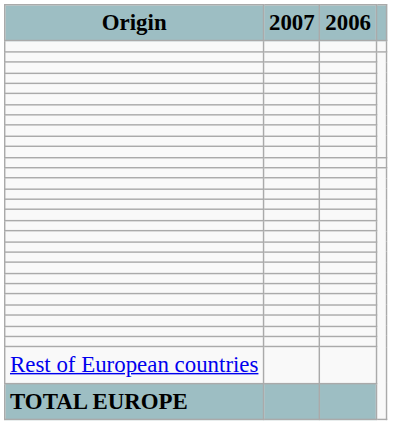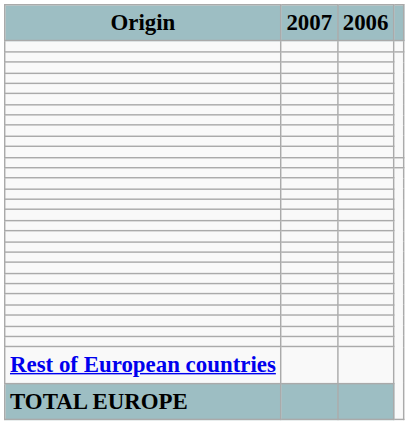 <table class="wikitable sortable">
 <tr>
 <th style="text-align:center; background:#9dbec3;">Origin</th>
 <th style="text-align:center; background:#9dbec3;">2007</th>
 <th style="text-align:center; background:#9dbec3;">2006</th>
 <th style="text-align:center; background:#9dbec3;"></th>
 </tr>
 <tr>
 <td border = "1"></td>
 <td align="right"></td>
 <td align="right"></td>
 <td></td>
 </tr>
 <tr>
 <td border = "1"></td>
 <td align="right"></td>
 <td align="right"></td>
 </tr>
 <tr>
 <td border = "1"></td>
 <td align="right"></td>
 <td align="right"></td>
 </tr>
 <tr>
 <td border = "1"></td>
 <td align="right"></td>
 <td align="right"></td>
 </tr>
 <tr>
 <td border = "1"></td>
 <td align="right"></td>
 <td align="right"></td>
 </tr>
 <tr>
 <td border = "1"></td>
 <td align="right"></td>
 <td align="right"></td>
 </tr>
 <tr>
 <td border = "1"></td>
 <td align="right"></td>
 <td align="right"></td>
 </tr>
 <tr>
 <td border = "1"></td>
 <td align="right"></td>
 <td align="right"></td>
 </tr>
 <tr>
 <td border = "1"></td>
 <td align="right"></td>
 <td align="right"></td>
 </tr>
 <tr>
 <td border = "1"></td>
 <td align="right"></td>
 <td align="right"></td>
 </tr>
 <tr>
 <td border = "1"></td>
 <td align="right"></td>
 <td align="right"></td>
 </tr>
 <tr>
 <td border = "1"></td>
 <td align="right"></td>
 <td align="right"></td>
 <td align="right"></td>
 </tr>
 <tr>
 <td border = "1"></td>
 <td align="right"></td>
 <td align="right"></td>
 </tr>
 <tr>
 <td border = "1"></td>
 <td align="right"></td>
 <td align="right"></td>
 </tr>
 <tr>
 <td border = "1"></td>
 <td align="right"></td>
 <td align="right"></td>
 </tr>
 <tr>
 <td border = "1"></td>
 <td align="right"></td>
 <td align="right"></td>
 </tr>
 <tr>
 <td border = "1"></td>
 <td align="right"></td>
 <td align="right"></td>
 </tr>
 <tr>
 <td border = "1"></td>
 <td align="right"></td>
 <td align="right"></td>
 </tr>
 <tr>
 <td border = "1"></td>
 <td align="right"></td>
 <td align="right"></td>
 </tr>
 <tr>
 <td border = "1"></td>
 <td align="right"></td>
 <td align="right"></td>
 </tr>
 <tr>
 <td border = "1"></td>
 <td align="right"></td>
 <td align="right"></td>
 </tr>
 <tr>
 <td border = "1"></td>
 <td align="right"></td>
 <td align="right"></td>
 </tr>
 <tr>
 <td border = "1"></td>
 <td align="right"></td>
 <td align="right"></td>
 </tr>
 <tr>
 <td border = "1"></td>
 <td align="right"></td>
 <td align="right"></td>
 </tr>
 <tr>
 <td border = "1"></td>
 <td align="right"></td>
 <td align="right"></td>
 </tr>
 <tr>
 <td border = "1"></td>
 <td align="right"></td>
 <td align="right"></td>
 </tr>
 <tr>
 <td border = "1"></td>
 <td align="right"></td>
 <td align="right"></td>
 </tr>
 <tr>
 <td border = "1"></td>
 <td align="right"></td>
 <td align="right"></td>
 </tr>
 <tr>
 <td border = "1"></td>
 <td align="right"></td>
 <td align="right"></td>
 </tr>
 <tr>
-<td border = "1"><a href='#'>Rest of European countries</a></td>
+<td border = "1"><strong><a href='#'>Rest of European countries</a></strong></td>
 <td align="right"></td>
 <td align="right"></td>
 </tr>
 <tr>
 <td border = "1" style="background:#9DBEC3;"><strong>TOTAL EUROPE</strong></td>
 <td style="text-align:right; background:#9dbec3;"></td>
 <td style="text-align:right; background:#9dbec3;"></td>
 </tr>
 </table>
